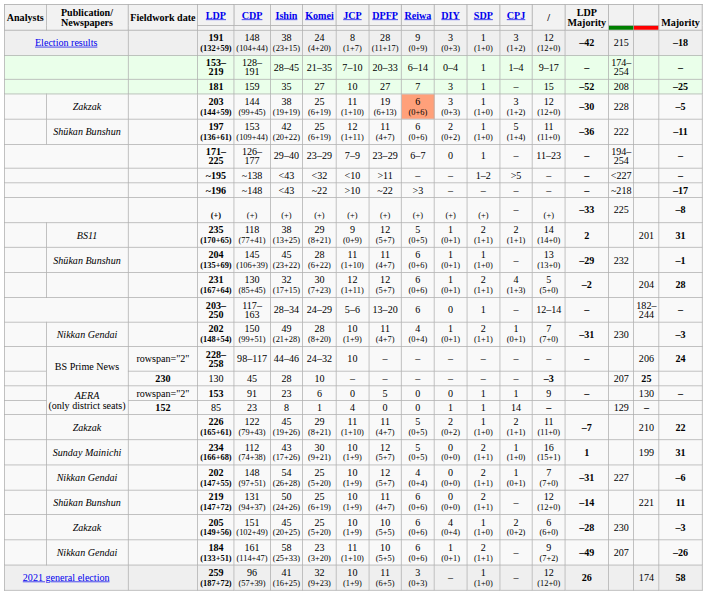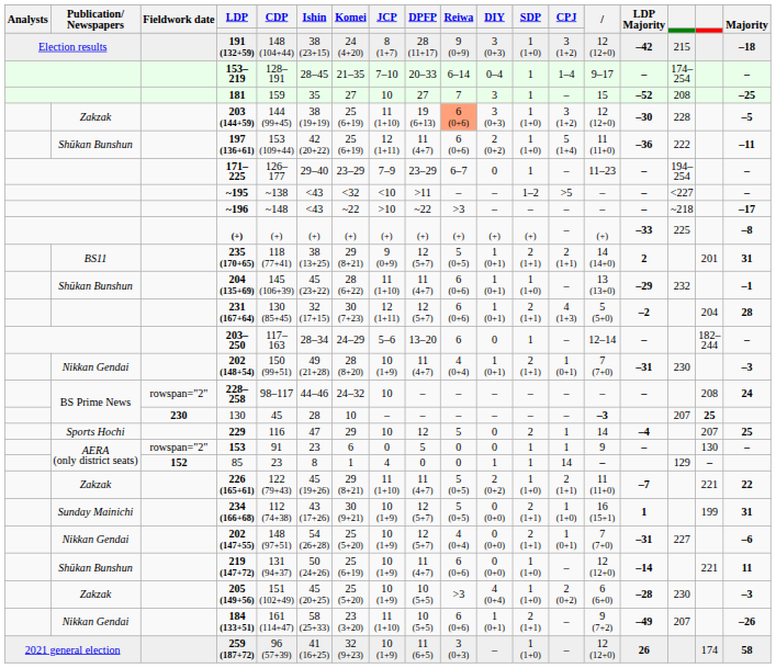 <table class="wikitable mw-datatable sortable mw-collapsible" style="text-align:center;font-size:90%;line-height:14px;">
 <tr style="height:30px; background-color:#8B8B8B">
 <th rowspan="2">Analysts</th>
 <th rowspan="2">Publication/<br>Newspapers</th>
 <th rowspan="2">Fieldwork date</th>
 <th class="unsortable" width="40px"><a href='#'>LDP</a></th>
 <th class="unsortable" width="40px"><a href='#'>CDP</a></th>
 <th class="unsortable" width="40px"><a href='#'>Ishin</a></th>
 <th class="unsortable" width="40px"><a href='#'>Komei</a></th>
 <th class="unsortable" width="40px"><a href='#'>JCP</a></th>
 <th class="unsortable" width="40px"><a href='#'>DPFP</a></th>
 <th class="unsortable" width="40px"><a href='#'>Reiwa</a></th>
 <th class="unsortable" width="40px"><a href='#'>DIY</a></th>
 <th class="unsortable" width="40px"><a href='#'>SDP</a></th>
 <th class="unsortable" width="40px"><a href='#'>CPJ</a></th>
 <th rowspan="2" class="unsortable" width="40px">/<br></th>
 <th rowspan="2" class="unsortable">LDP<br>Majority</th>
 <th class="unsortable" style="width:20px;"></th>
 <th class="unsortable" style="width:20px;"></th>
 <th rowspan="2"><br>Majority</th>
 </tr>
 <tr>
 <th data-sort-type="number" style="background:"></th>
 <th data-sort-type="number" style="background:"></th>
 <th data-sort-type="number" style="background:"></th>
 <th data-sort-type="number" style="background:"></th>
 <th data-sort-type="number" style="background:"></th>
 <th data-sort-type="number" style="background:"></th>
 <th data-sort-type="number" style="background:"></th>
 <th data-sort-type="number" style="background:"></th>
 <th data-sort-type="number" style="background:"></th>
 <th data-sort-type="number" style="background:"></th>
 <th data-sort-type="number" style="background:Green;"></th>
 <th data-sort-type="number" style="background:Red;"></th>
 </tr>
 <tr style="background:#EFEFEF;">
 <td colspan="2"><a href='#'>Election results</a></td>
 <td></td>
 <td><strong>191</strong><br><small><strong>(132+59)</strong></small></td>
 <td>148<br><small>(104+44)</small></td>
 <td>38<br><small>(23+15)</small></td>
 <td>24<br><small>(4+20)</small></td>
 <td>8<br><small>(1+7)</small></td>
 <td>28<br><small>(11+17)</small></td>
 <td>9<br><small>(0+9)</small></td>
 <td>3<br><small>(0+3)</small></td>
 <td>1<br><small>(1+0)</small></td>
 <td>3<br><small>(1+2)</small></td>
 <td>12<br><small>(12+0)</small></td>
 <td style="background:"><strong>–42</strong></td>
 <td>215</td>
 <td></td>
 <td style="background:"><strong>–18</strong></td>
 </tr>
 <tr style="background:#EAFFEA;">
 <td colspan="2"></td>
 <td></td>
 <td><strong>153–219</strong></td>
 <td>128–191</td>
 <td>28–45</td>
 <td>21–35</td>
 <td>7–10</td>
 <td>20–33</td>
 <td>6–14</td>
 <td>0–4</td>
 <td>1</td>
 <td>1–4</td>
 <td>9–17</td>
 <td style="background:"><strong>–</strong></td>
 <td>174–254</td>
 <td></td>
 <td style="background:"><strong>–</strong></td>
 </tr>
 <tr style="background:#EAFFEA;">
 <td colspan="2"></td>
 <td></td>
 <td><strong>181</strong></td>
 <td>159</td>
 <td>35</td>
 <td>27</td>
 <td>10</td>
 <td>27</td>
 <td>7</td>
 <td>3</td>
 <td>1</td>
 <td>–</td>
 <td>15</td>
 <td style="background:"><strong>–52</strong></td>
 <td>208</td>
 <td></td>
 <td style="background:"><strong>–25</strong></td>
 </tr>
 <tr>
 <td></td>
 <td><em>Zakzak</em></td>
 <td></td>
 <td><strong>203</strong><br><small><strong>(144+59)</strong></small></td>
 <td>144<br><small>(99+45)</small></td>
 <td>38<br><small>(19+19)</small></td>
 <td>25<br><small>(6+19)</small></td>
 <td>11<br><small>(1+10)</small></td>
 <td>19<br><small>(6+13)</small></td>
 <td style="background: lightsalmon;">6<br><small>(0+6)</small></td>
 <td>3<br><small>(0+3)</small></td>
 <td>1<br><small>(1+0)</small></td>
 <td>3<br><small>(1+2)</small></td>
 <td>12<br><small>(12+0)</small></td>
 <td style="background:"><strong>–30</strong></td>
 <td>228</td>
 <td></td>
 <td style="background:"><strong>–5</strong></td>
 </tr>
 <tr>
 <td></td>
 <td><em>Shūkan Bunshun</em></td>
 <td></td>
 <td><strong>197</strong><br><small><strong>(136+61)</strong></small></td>
 <td>153<br><small>(109+44)</small></td>
 <td>42<br><small>(20+22)</small></td>
 <td>25<br><small>(6+19)</small></td>
 <td>12<br><small>(1+11)</small></td>
 <td>11<br><small>(4+7)</small></td>
 <td>6<br><small>(0+6)</small></td>
 <td>2<br><small>(0+2)</small></td>
 <td>1<br><small>(1+0)</small></td>
 <td>5<br><small>(1+4)</small></td>
 <td>11<br><small>(11+0)</small></td>
 <td style="background:"><strong>–36</strong></td>
 <td>222</td>
 <td></td>
 <td style="background:"><strong>–11</strong></td>
 </tr>
 <tr>
 <td colspan="2"></td>
 <td></td>
 <td><strong>171–225</strong></td>
 <td>126–177</td>
 <td>29–40</td>
 <td>23–29</td>
 <td>7–9</td>
 <td>23–29</td>
 <td>6–7</td>
 <td>0</td>
 <td>1</td>
 <td>–</td>
 <td>11–23</td>
 <td style="background:"><strong>–</strong></td>
 <td>194–254</td>
 <td></td>
 <td style="background:"><strong>–</strong></td>
 </tr>
 <tr>
 <td colspan="2"></td>
 <td></td>
 <td><strong>~195</strong></td>
 <td>~138</td>
 <td><43</td>
 <td><32</td>
 <td><10</td>
 <td>>11</td>
 <td>–</td>
 <td>–</td>
 <td>1–2</td>
 <td>>5</td>
 <td>–</td>
 <td style="background:"><strong>–</strong></td>
 <td><227</td>
 <td></td>
 <td style="background:"><strong>–</strong></td>
 </tr>
 <tr>
 <td colspan="2"></td>
 <td></td>
 <td><strong>~196</strong></td>
 <td>~148</td>
 <td><43</td>
 <td>~22</td>
 <td>>10</td>
 <td>~22</td>
 <td>>3</td>
 <td>–</td>
 <td>–</td>
 <td>–</td>
 <td>–</td>
 <td style="background:"><strong>–</strong></td>
 <td>~218</td>
 <td></td>
 <td style="background:"><strong>–17</strong></td>
 </tr>
 <tr>
 <td colspan="2"></td>
 <td></td>
 <td><strong></strong><br><small><strong>(+)</strong></small></td>
 <td><br><small>(+)</small></td>
 <td><br><small>(+)</small></td>
 <td><br><small>(+)</small></td>
 <td><br><small>(+)</small></td>
 <td><br><small>(+)</small></td>
 <td><br><small>(+)</small></td>
 <td><br><small>(+)</small></td>
 <td><br><small>(+)</small></td>
 <td>–</td>
 <td><br><small>(+)</small></td>
 <td style="background:"><strong>–33</strong></td>
 <td>225</td>
 <td></td>
 <td style="background:"><strong>–8</strong></td>
 </tr>
 <tr>
 <td></td>
 <td><em>BS11</em></td>
 <td></td>
 <td><strong>235</strong><br><small><strong>(170+65)</strong></small></td>
 <td>118<br><small>(77+41)</small></td>
 <td>38<br><small>(13+25)</small></td>
 <td>29<br><small>(8+21)</small></td>
 <td>9<br><small>(0+9)</small></td>
 <td>12<br><small>(5+7)</small></td>
 <td>5<br><small>(0+5)</small></td>
 <td>1<br><small>(0+1)</small></td>
 <td>2<br><small>(1+1)</small></td>
 <td>2<br><small>(1+1)</small></td>
 <td>14<br><small>(14+0)</small></td>
 <td style="background:"><strong>2</strong></td>
 <td></td>
 <td>201</td>
 <td style="background:"><strong>31</strong></td>
 </tr>
 <tr>
 <td></td>
 <td><em>Shūkan Bunshun</em></td>
 <td></td>
 <td><strong>204</strong><br><small><strong>(135+69)</strong></small></td>
 <td>145<br><small>(106+39)</small></td>
 <td>45<br><small>(23+22)</small></td>
 <td>28<br><small>(6+22)</small></td>
 <td>11<br><small>(1+10)</small></td>
 <td>11<br><small>(4+7)</small></td>
 <td>6<br><small>(0+6)</small></td>
 <td>1<br><small>(0+1)</small></td>
 <td>1<br><small>(1+0)</small></td>
 <td>–</td>
 <td>13<br><small>(13+0)</small></td>
 <td style="background:"><strong>–29</strong></td>
 <td>232</td>
 <td></td>
 <td style="background:"><strong>–1</strong></td>
 </tr>
 <tr>
 <td></td>
 <td></td>
 <td></td>
 <td><strong>231</strong><br><small><strong>(167+64)</strong></small></td>
 <td>130<br><small>(85+45)</small></td>
 <td>32<br><small>(17+15)</small></td>
 <td>30<br><small>(7+23)</small></td>
 <td>12<br><small>(1+11)</small></td>
 <td>12<br><small>(5+7)</small></td>
 <td>6<br><small>(0+6)</small></td>
 <td>1<br><small>(0+1)</small></td>
 <td>2<br><small>(1+1)</small></td>
 <td>4<br><small>(1+3)</small></td>
 <td>5<br><small>(5+0)</small></td>
 <td style="background:"><strong>–2</strong></td>
 <td></td>
 <td>204</td>
 <td style="background:"><strong>28</strong></td>
 </tr>
 <tr>
 <td colspan="2"></td>
 <td></td>
 <td><strong>203–250</strong></td>
 <td>117–163</td>
 <td>28–34</td>
 <td>24–29</td>
 <td>5–6</td>
 <td>13–20</td>
 <td>6</td>
 <td>0</td>
 <td>1</td>
 <td>–</td>
 <td>12–14</td>
 <td style="background:"><strong>–</strong></td>
 <td></td>
 <td>182–244</td>
 <td style="background:"><strong>–</strong></td>
 </tr>
 <tr>
 <td></td>
 <td><em>Nikkan Gendai</em></td>
 <td></td>
 <td><strong>202</strong><br><small><strong>(148+54)</strong></small></td>
 <td>150<br><small>(99+51)</small></td>
 <td>49<br><small>(21+28)</small></td>
 <td>28<br><small>(8+20)</small></td>
 <td>10<br><small>(1+9)</small></td>
 <td>11<br><small>(4+7)</small></td>
 <td>4<br><small>(0+4)</small></td>
 <td>1<br><small>(0+1)</small></td>
 <td>2<br><small>(1+1)</small></td>
 <td>1<br><small>(0+1)</small></td>
 <td>7<br><small>(7+0)</small></td>
 <td style="background:"><strong>–31</strong></td>
 <td>230</td>
 <td></td>
 <td style="background:"><strong>–3</strong></td>
 </tr>
 <tr>
 <td></td>
 <td rowspan="2">BS Prime News</td>
 <td>rowspan="2" </td>
 <td><strong>228–258</strong></td>
 <td>98–117</td>
 <td>44–46</td>
 <td>24–32</td>
 <td>10</td>
 <td>–</td>
 <td>–</td>
 <td>–</td>
 <td>–</td>
 <td>–</td>
 <td>–</td>
 <td style="background:"><strong>–</strong></td>
 <td></td>
-<td>206</td>
+<td>208</td>
 <td style="background:"><strong>24</strong></td>
 </tr>
 <tr>
 <td></td>
 <td><strong>230</strong></td>
 <td>130</td>
 <td>45</td>
 <td>28</td>
 <td>10</td>
 <td>–</td>
 <td>–</td>
 <td>–</td>
 <td>–</td>
 <td>–</td>
 <td>–</td>
 <td style="background:"><strong>–3</strong></td>
+<td></td>
+<td>207</td>
+<td style="background:"><strong>25</strong></td>
+</tr>
+<tr>
+<td></td>
+<td><em>Sports Hochi</em></td>
+<td></td>
+<td><strong>229</strong></td>
+<td>116</td>
+<td>47</td>
+<td>29</td>
+<td>10</td>
+<td>12</td>
+<td>5</td>
+<td>0</td>
+<td>2</td>
+<td>1</td>
+<td>14</td>
+<td style="background:"><strong>–4</strong></td>
 <td></td>
 <td>207</td>
 <td style="background:"><strong>25</strong></td>
 </tr>
 <tr>
 <td></td>
 <td rowspan="2"><em>AERA</em><br>(only district seats)</td>
 <td>rowspan="2" </td>
 <td><strong>153</strong></td>
 <td>91</td>
 <td>23</td>
 <td>6</td>
 <td>0</td>
 <td>5</td>
 <td>0</td>
 <td>0</td>
 <td>1</td>
 <td>1</td>
 <td>9</td>
 <td style="background:"><strong>–</strong></td>
 <td></td>
 <td>130</td>
 <td style="background:"><strong>–</strong></td>
 </tr>
 <tr>
 <td></td>
 <td><strong>152</strong></td>
 <td>85</td>
 <td>23</td>
 <td>8</td>
 <td>1</td>
 <td>4</td>
 <td>0</td>
 <td>0</td>
 <td>1</td>
 <td>1</td>
 <td>14</td>
 <td style="background:"><strong>–</strong></td>
 <td></td>
 <td>129</td>
 <td style="background:"><strong>–</strong></td>
 </tr>
 <tr>
 <td></td>
 <td><em>Zakzak</em></td>
 <td></td>
 <td><strong>226</strong><br><small><strong>(165+61)</strong></small></td>
 <td>122<br><small>(79+43)</small></td>
 <td>45<br><small>(19+26)</small></td>
 <td>29<br><small>(8+21)</small></td>
 <td>11<br><small>(1+10)</small></td>
 <td>11<br><small>(4+7)</small></td>
 <td>5<br><small>(0+5)</small></td>
 <td>2<br><small>(0+2)</small></td>
 <td>1<br><small>(1+0)</small></td>
 <td>2<br><small>(1+1)</small></td>
 <td>11<br><small>(11+0)</small></td>
 <td style="background:"><strong>–7</strong></td>
 <td></td>
-<td>210</td>
+<td>221</td>
 <td style="background:"><strong>22</strong></td>
 </tr>
 <tr>
 <td></td>
 <td><em>Sunday Mainichi</em></td>
 <td></td>
 <td><strong>234</strong><br><small><strong>(166+68)</strong></small></td>
 <td>112<br><small>(74+38)</small></td>
 <td>43<br><small>(17+26)</small></td>
 <td>30<br><small>(9+21)</small></td>
 <td>10<br><small>(1+9)</small></td>
 <td>12<br><small>(5+7)</small></td>
 <td>5<br><small>(0+5)</small></td>
 <td>0<br><small>(0+0)</small></td>
 <td>2<br><small>(1+1)</small></td>
 <td>1<br><small>(1+0)</small></td>
 <td>16<br><small>(15+1)</small></td>
 <td style="background:"><strong>1</strong></td>
 <td></td>
 <td>199</td>
 <td style="background:"><strong>31</strong></td>
 </tr>
 <tr>
 <td></td>
 <td><em>Nikkan Gendai</em></td>
 <td></td>
 <td><strong>202</strong><br><small><strong>(147+55)</strong></small></td>
 <td>148<br><small>(97+51)</small></td>
 <td>54<br><small>(26+28)</small></td>
 <td>25<br><small>(5+20)</small></td>
 <td>10<br><small>(1+9)</small></td>
 <td>12<br><small>(5+7)</small></td>
 <td>4<br><small>(0+4)</small></td>
 <td>0<br><small>(0+0)</small></td>
 <td>2<br><small>(1+1)</small></td>
 <td>1<br><small>(0+1)</small></td>
 <td>7<br><small>(7+0)</small></td>
 <td style="background:"><strong>–31</strong></td>
 <td>227</td>
 <td></td>
 <td style="background:"><strong>–6</strong></td>
 </tr>
 <tr>
 <td></td>
 <td><em>Shūkan Bunshun</em></td>
 <td></td>
 <td><strong>219</strong><br><small><strong>(147+72)</strong></small></td>
 <td>131<br><small>(94+37)</small></td>
 <td>50<br><small>(24+26)</small></td>
 <td>25<br><small>(6+19)</small></td>
 <td>10<br><small>(1+9)</small></td>
 <td>11<br><small>(4+7)</small></td>
 <td>6<br><small>(0+6)</small></td>
 <td>0<br><small>(0+0)</small></td>
-<td>2<br><small>(1+1)</small></td>
+<td>1<br><small>(1+0)</small></td>
 <td>–</td>
 <td>12<br><small>(12+0)</small></td>
 <td style="background:"><strong>–14</strong></td>
 <td></td>
 <td>221</td>
 <td style="background:"><strong>11</strong></td>
 </tr>
 <tr>
 <td></td>
 <td><em>Zakzak</em></td>
 <td></td>
 <td><strong>205</strong><br><small><strong>(149+56)</strong></small></td>
 <td>151<br><small>(102+49)</small></td>
 <td>45<br><small>(20+25)</small></td>
 <td>25<br><small>(5+20)</small></td>
 <td>10<br><small>(1+9)</small></td>
 <td>10<br><small>(5+5)</small></td>
-<td>6<br><small>(0+6)</small></td>
+<td>>3</td>
 <td>4<br><small>(0+4)</small></td>
 <td>1<br><small>(1+0)</small></td>
 <td>2<br><small>(0+2)</small></td>
 <td>6<br><small>(6+0)</small></td>
 <td style="background:"><strong>–28</strong></td>
 <td>230</td>
 <td></td>
 <td style="background:"><strong>–3</strong></td>
 </tr>
 <tr>
 <td></td>
 <td><em>Nikkan Gendai</em></td>
 <td></td>
 <td><strong>184</strong><br><small><strong>(133+51)</strong></small></td>
 <td>161<br><small>(114+47)</small></td>
 <td>58<br><small>(25+33)</small></td>
 <td>23<br><small>(3+20)</small></td>
 <td>11<br><small>(1+10)</small></td>
 <td>10<br><small>(5+5)</small></td>
 <td>6<br><small>(0+6)</small></td>
 <td>1<br><small>(0+1)</small></td>
 <td>2<br><small>(1+1)</small></td>
 <td>–</td>
 <td>9<br><small>(7+2)</small></td>
 <td style="background:"><strong>–49</strong></td>
 <td>207</td>
 <td></td>
 <td style="background:"><strong>–26</strong></td>
 </tr>
 <tr style="background:#EFEFEF;">
 <td colspan="2"><a href='#'>2021 general election</a></td>
 <td></td>
 <td><strong>259</strong><br><small><strong>(187+72)</strong></small></td>
 <td>96<br><small>(57+39)</small></td>
 <td>41<br><small>(16+25)</small></td>
 <td>32<br><small>(9+23)</small></td>
 <td>10<br><small>(1+9)</small></td>
 <td>11<br><small>(6+5)</small></td>
 <td>3<br><small>(0+3)</small></td>
 <td>–</td>
 <td>1<br><small>(1+0)</small></td>
 <td>–</td>
 <td>12<br><small>(12+0)</small></td>
 <td style="background:"><strong>26</strong></td>
 <td></td>
 <td style="background:">174</td>
 <td style="background:"><strong>58</strong></td>
 </tr>
 </table>
